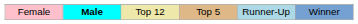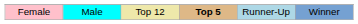 <table class="wikitable" style="margin:1em auto; text-align:center;">
 <tr>
 </tr>
 <tr>
 <td style="background:pink;" width="15%">Female</td>
-<td style="background:cyan;" width="15%"><strong>Male</strong></td>
+<td style="background:cyan;" width="15%">Male</td>
 <td style="background:palegoldenrod;" width="15%">Top 12</td>
-<td style="background:#DEB887" width="15%">Top 5</td>
+<td style="background:#DEB887" width="15%"><strong>Top 5</strong></td>
 <td style="background:lightblue" width="15%">Runner-Up</td>
 <td style="background:#75A1D2" width="15%">Winner</td>
 </tr>
 </table>
